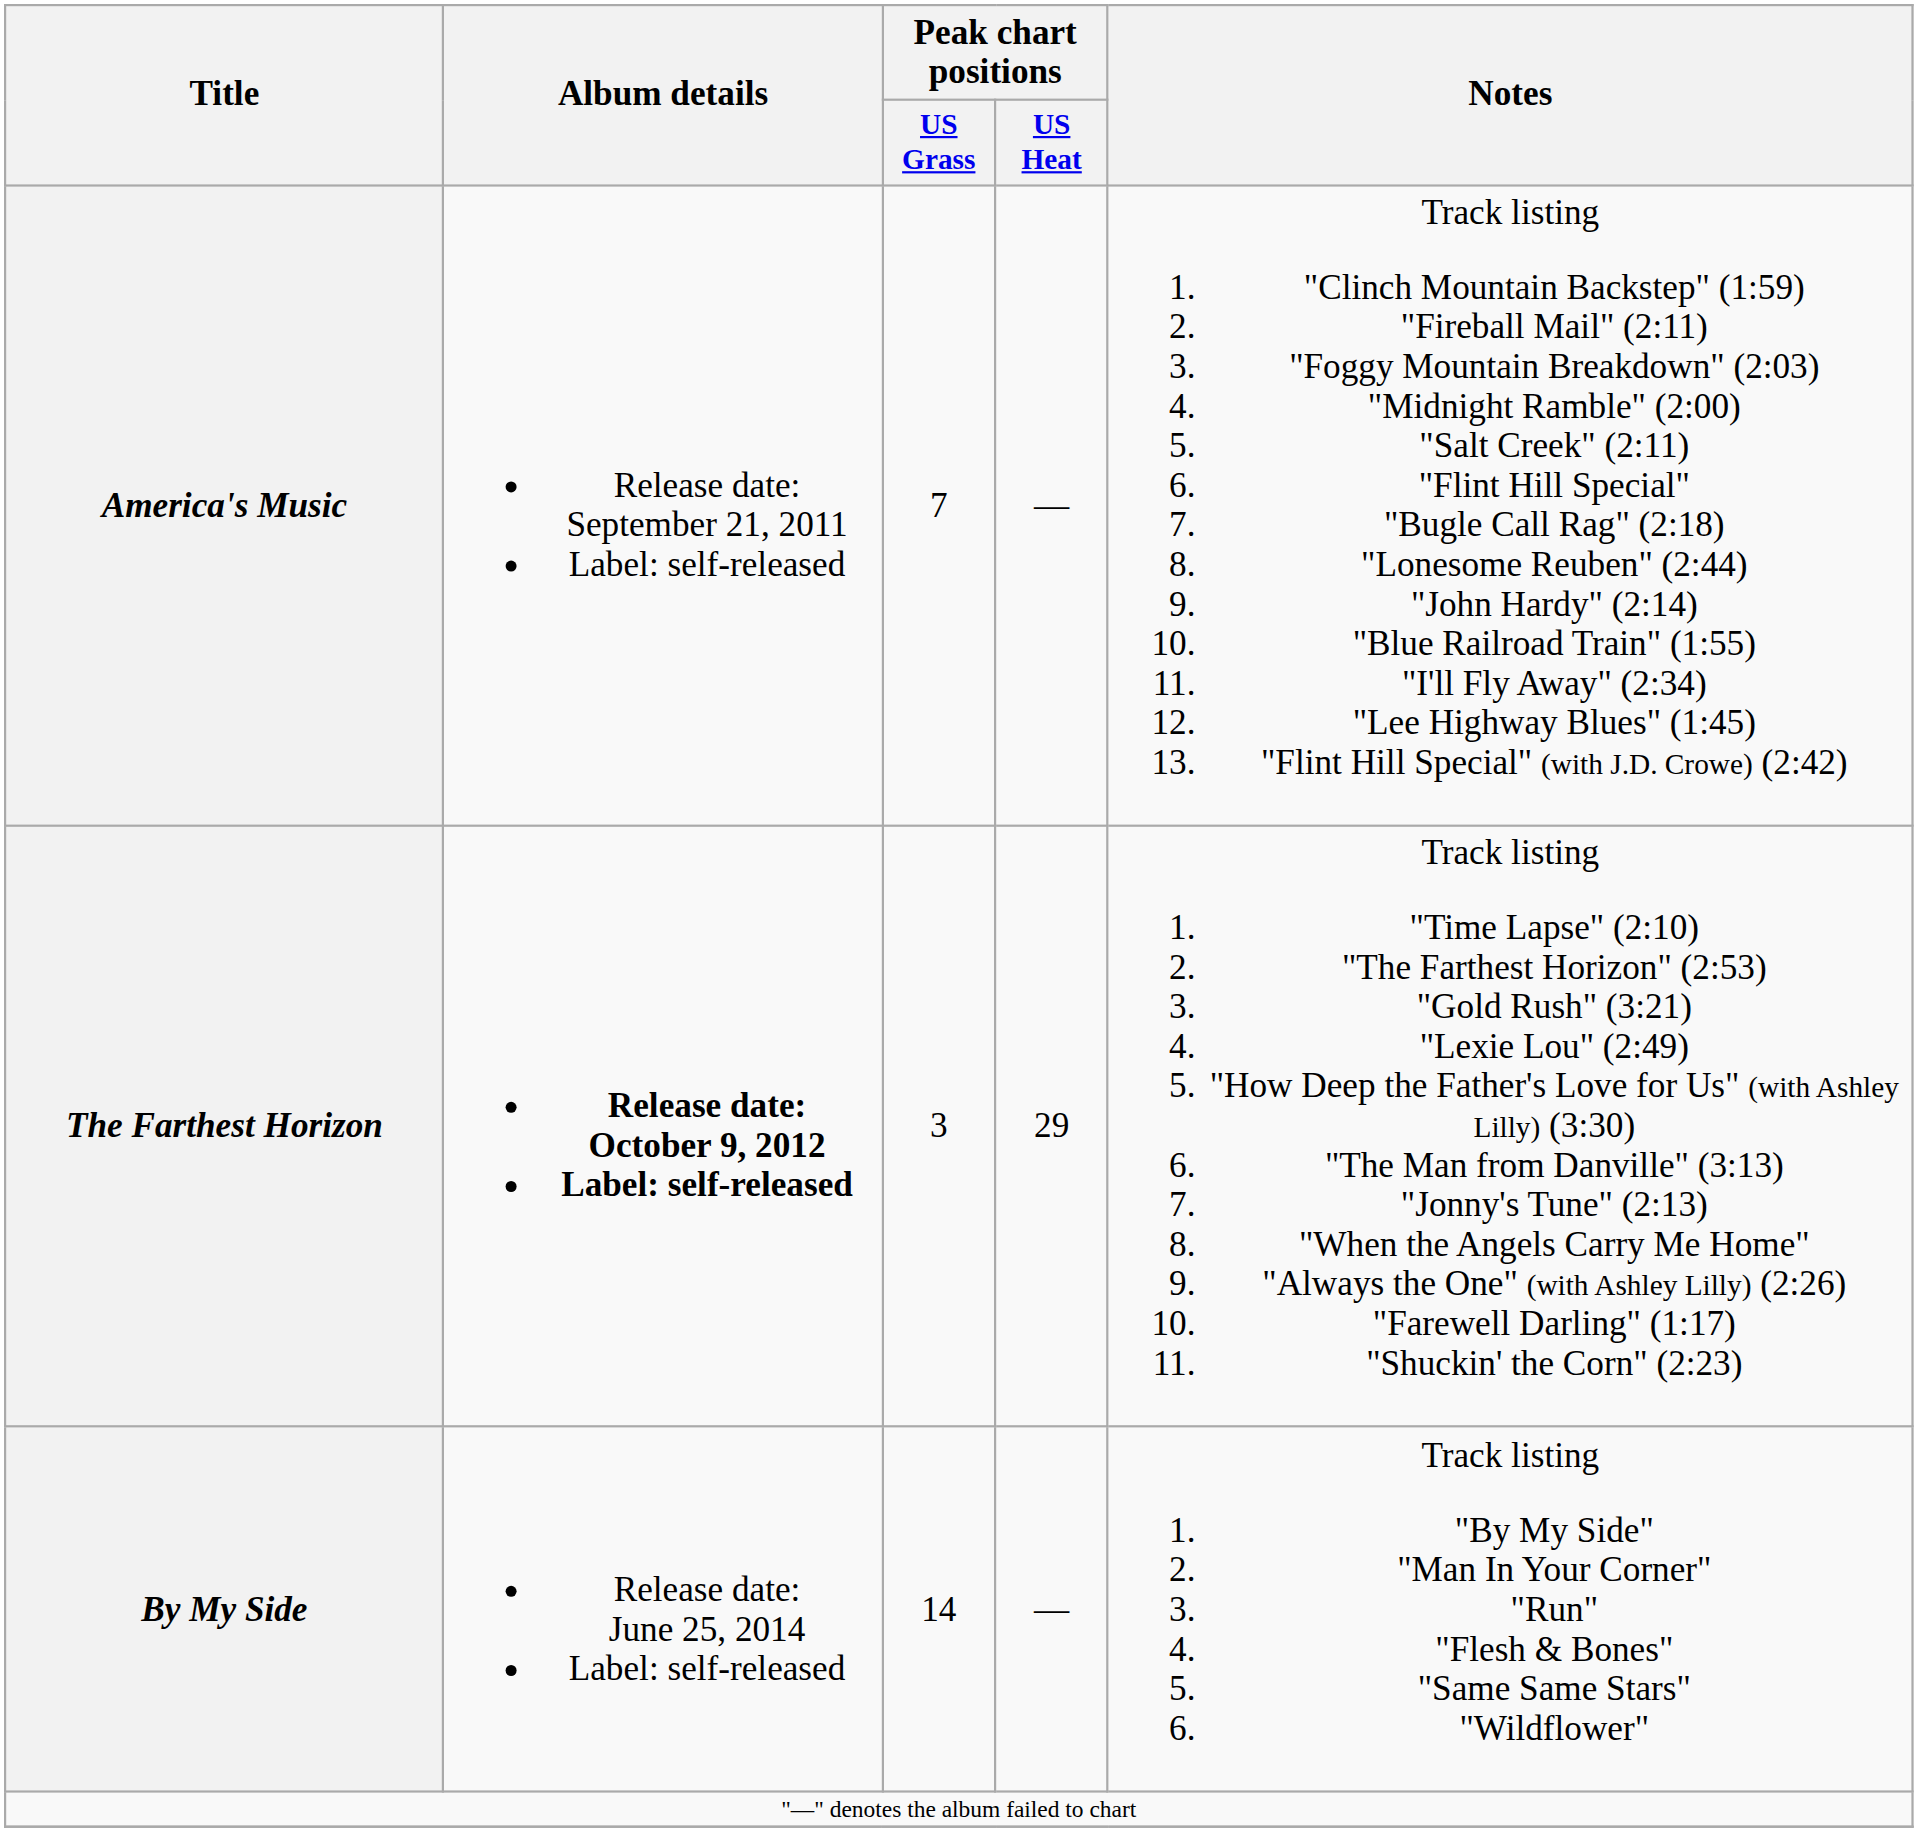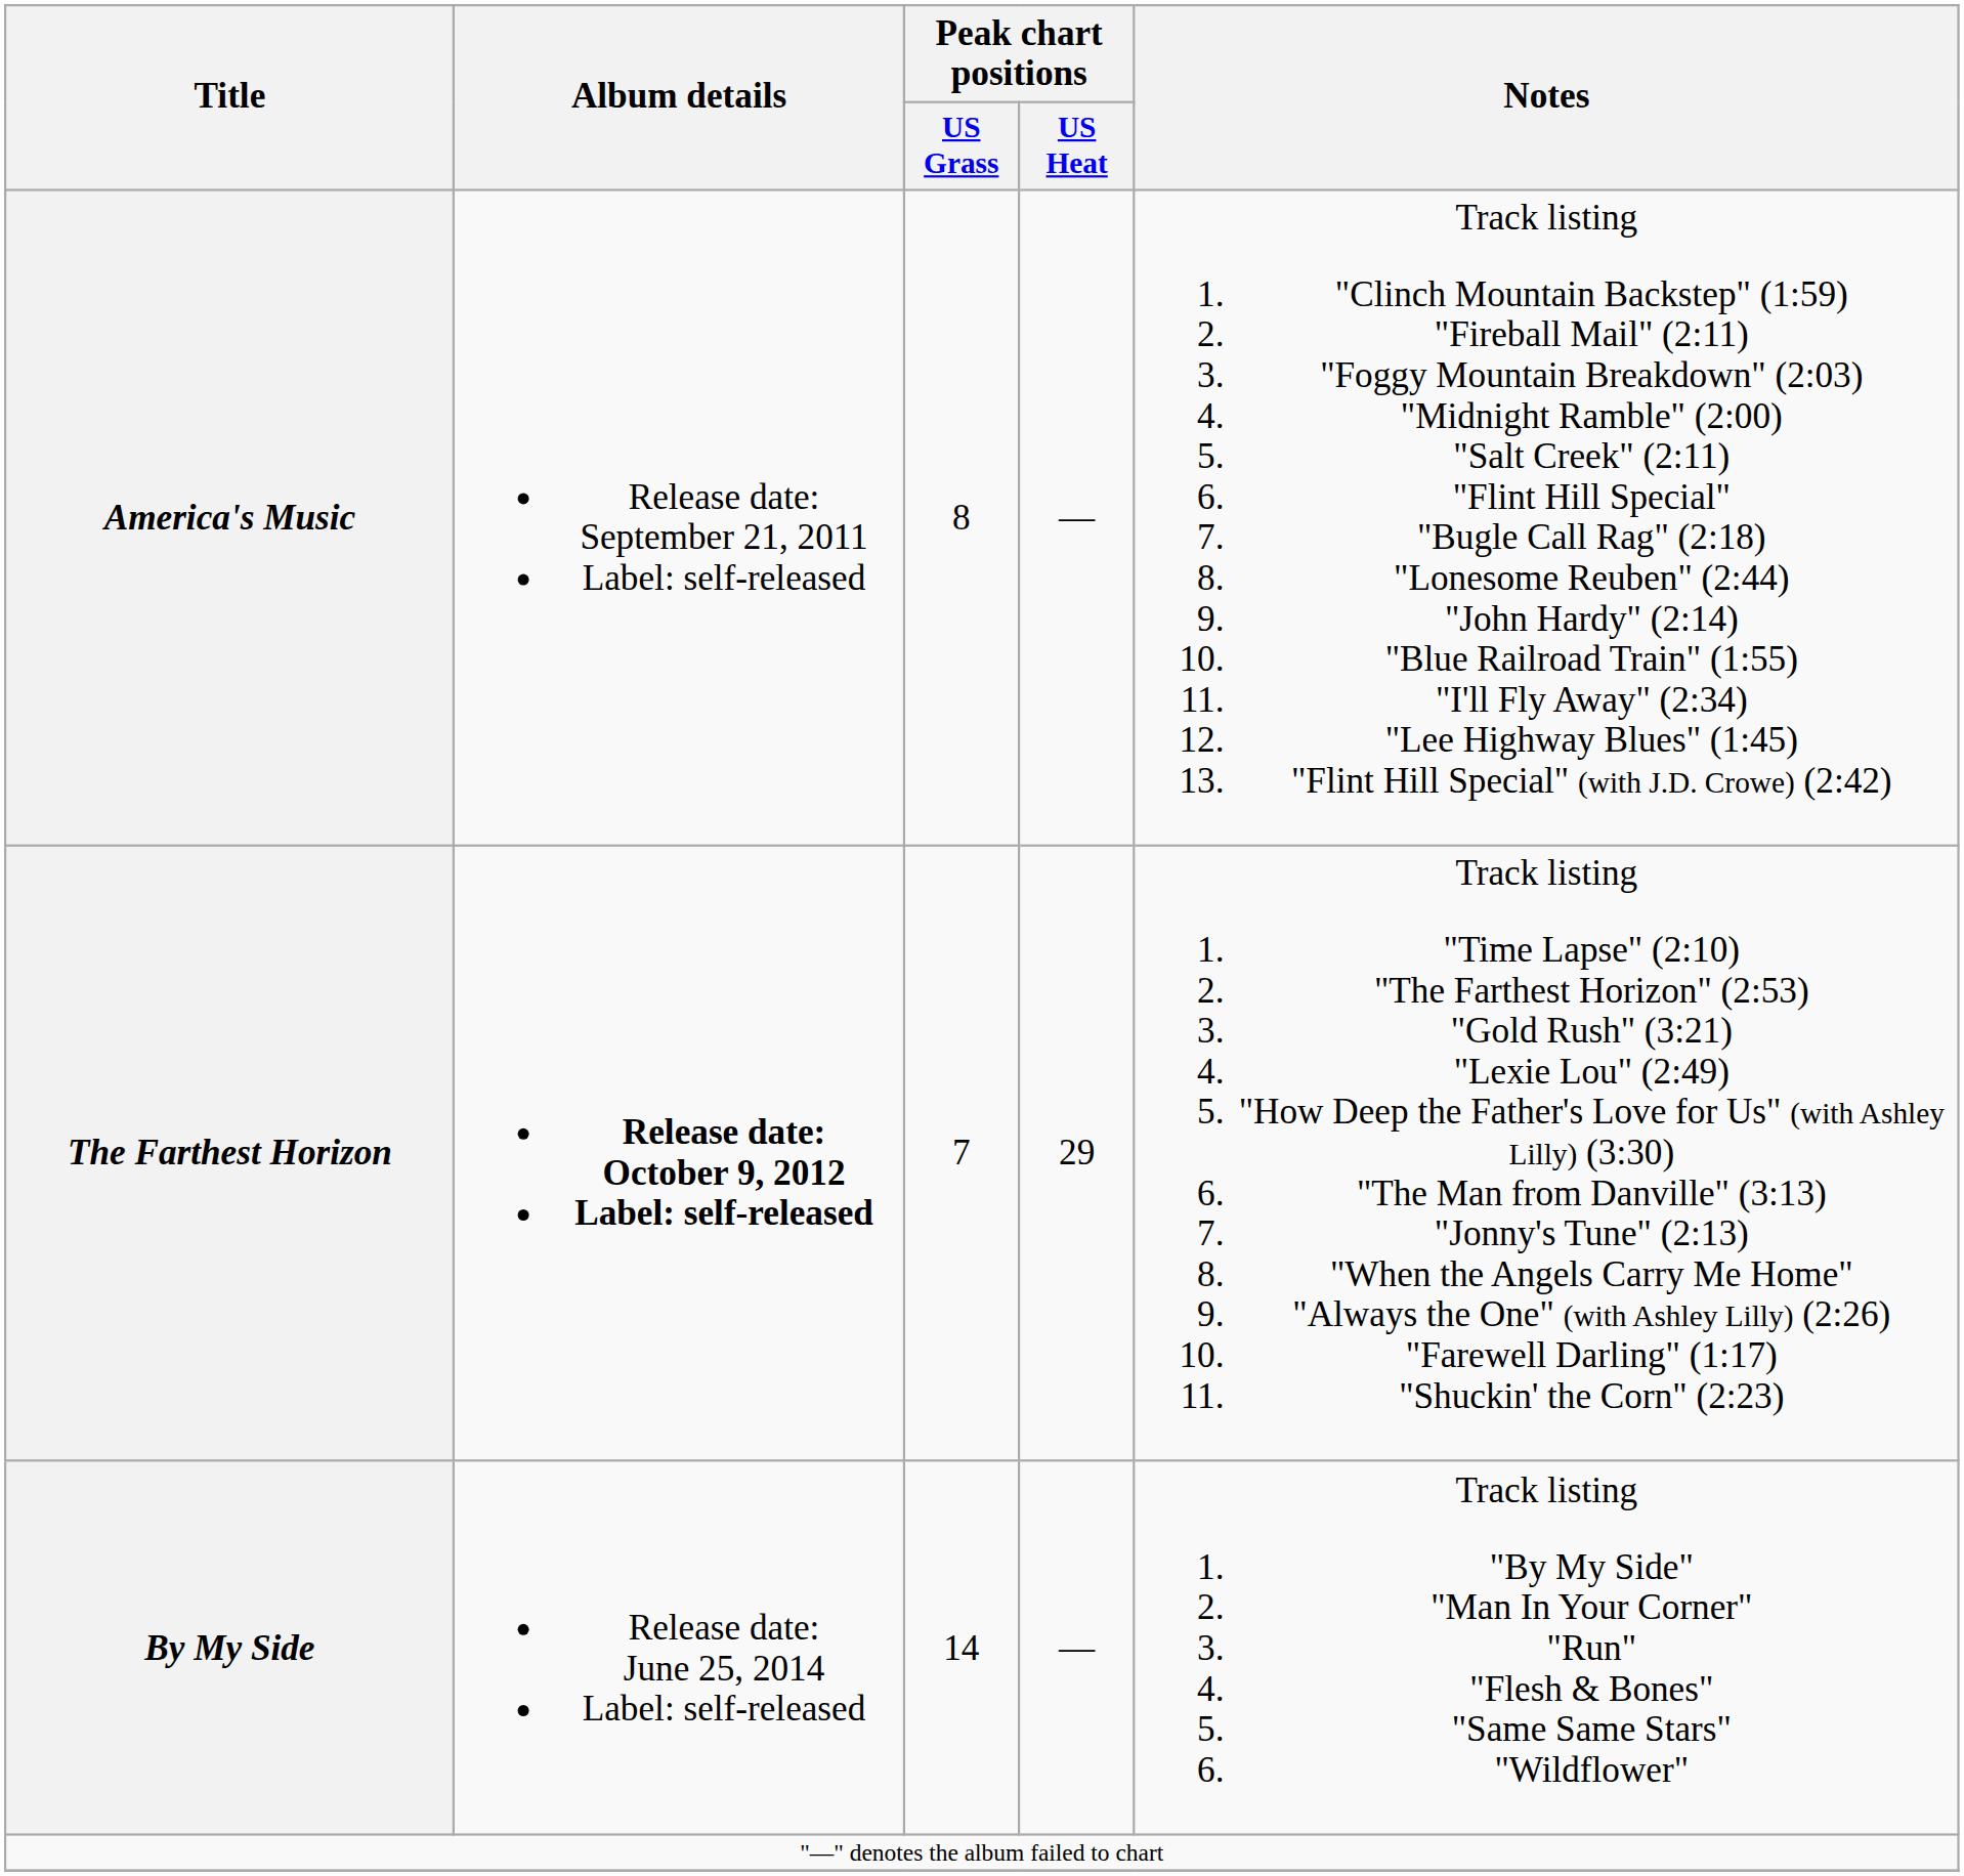 <table class="wikitable plainrowheaders" style="text-align:center;">
 <tr>
 <th rowspan="2" style="width:12em;">Title</th>
 <th rowspan="2" style="width:12em;">Album details</th>
 <th colspan="2">Peak chart<br>positions</th>
 <th rowspan="2">Notes</th>
 </tr>
 <tr style="font-size:smaller;">
 <th width="45"><a href='#'>US Grass</a></th>
 <th width="45"><a href='#'>US Heat</a></th>
 </tr>
 <tr>
 <th scope="row"><em>America's Music</em></th>
 <td><br><ul><li>Release date: <br>September 21, 2011</li><li>Label: self-released</li></ul></td>
-<td>7</td>
+<td>8</td>
 <td>—</td>
 <td>Track listing<br><ol><li>"Clinch Mountain Backstep" (1:59)</li><li>"Fireball Mail" (2:11)</li><li>"Foggy Mountain Breakdown" (2:03)</li><li>"Midnight Ramble" (2:00)</li><li>"Salt Creek" (2:11)</li><li>"Flint Hill Special"</li><li>"Bugle Call Rag" (2:18)</li><li>"Lonesome Reuben" (2:44)</li><li>"John Hardy" (2:14)</li><li>"Blue Railroad Train" (1:55)</li><li>"I'll Fly Away" (2:34)</li><li>"Lee Highway Blues" (1:45)</li><li>"Flint Hill Special" <small>(with J.D. Crowe)</small> (2:42)</li></ol></td>
 </tr>
 <tr>
 <th scope="row"><em>The Farthest Horizon</em></th>
 <td><strong><br><ul><li>Release date: <br>October 9, 2012</li><li>Label: self-released</li></ul></strong></td>
-<td>3</td>
+<td>7</td>
 <td>29</td>
 <td>Track listing<br><ol><li>"Time Lapse" (2:10)</li><li>"The Farthest Horizon" (2:53)</li><li>"Gold Rush" (3:21)</li><li>"Lexie Lou" (2:49)</li><li>"How Deep the Father's Love for Us" <small>(with Ashley Lilly)</small> (3:30)</li><li>"The Man from Danville" (3:13)</li><li>"Jonny's Tune" (2:13)</li><li>"When the Angels Carry Me Home"</li><li>"Always the One" <small>(with Ashley Lilly)</small> (2:26)</li><li>"Farewell Darling" (1:17)</li><li>"Shuckin' the Corn" (2:23)</li></ol></td>
 </tr>
 <tr>
 <th scope="row"><em>By My Side</em></th>
 <td><br><ul><li>Release date: <br>June 25, 2014</li><li>Label: self-released</li></ul></td>
 <td>14</td>
 <td>—</td>
 <td>Track listing<br><ol><li>"By My Side"</li><li>"Man In Your Corner"</li><li>"Run"</li><li>"Flesh & Bones"</li><li>"Same Same Stars"</li><li>"Wildflower"</li></ol></td>
 </tr>
 <tr>
 <td colspan="5" style="font-size:8pt">"—" denotes the album failed to chart</td>
 </tr>
 <tr>
 </tr>
 </table>
